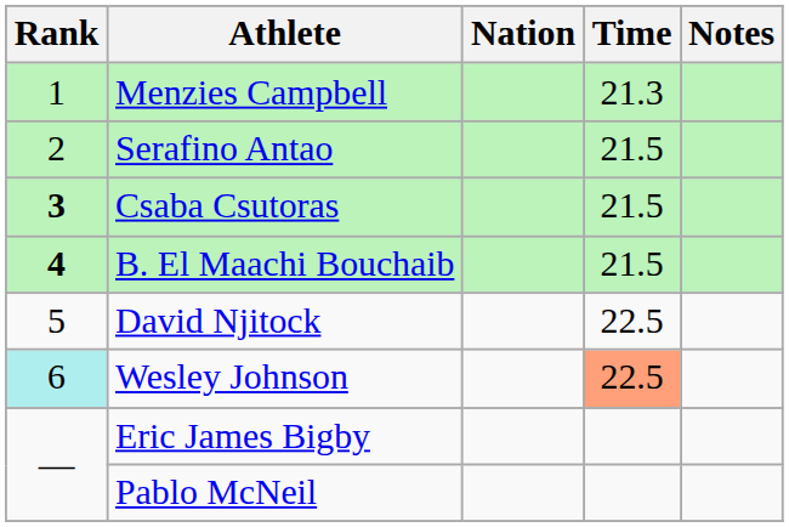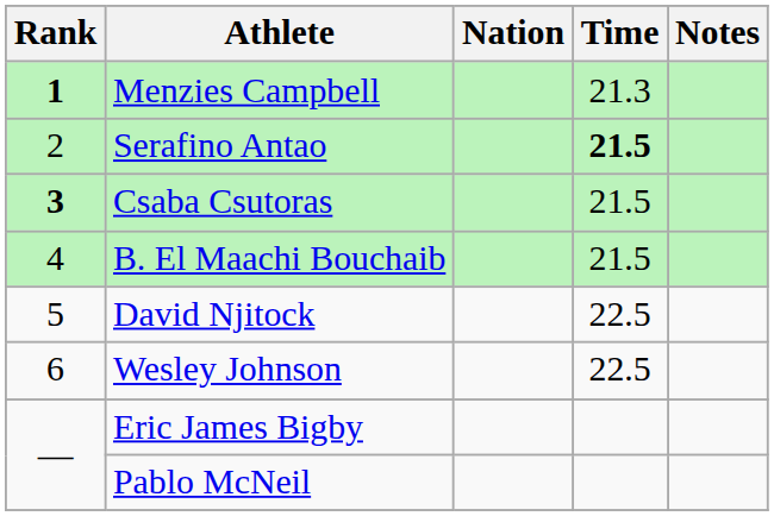 <table class="wikitable sortable" style="text-align:center">
 <tr>
 <th>Rank</th>
 <th>Athlete</th>
 <th>Nation</th>
 <th>Time</th>
 <th>Notes</th>
 </tr>
 <tr bgcolor=bbf3bb>
-<td>1</td>
+<td><strong>1</strong></td>
 <td align=left><a href='#'>Menzies Campbell</a></td>
 <td align=left></td>
 <td>21.3</td>
 <td></td>
 </tr>
 <tr bgcolor=bbf3bb>
 <td>2</td>
 <td align=left><a href='#'>Serafino Antao</a></td>
 <td align=left></td>
-<td>21.5</td>
+<td><strong>21.5</strong></td>
 <td></td>
 </tr>
 <tr bgcolor=bbf3bb>
 <td><strong>3</strong></td>
 <td align=left><a href='#'>Csaba Csutoras</a></td>
 <td align=left></td>
 <td>21.5</td>
 <td></td>
 </tr>
 <tr bgcolor=bbf3bb>
-<td><strong>4</strong></td>
+<td>4</td>
 <td align=left><a href='#'>B. El Maachi Bouchaib</a></td>
 <td align=left></td>
 <td>21.5</td>
 <td></td>
 </tr>
 <tr>
 <td>5</td>
 <td align=left><a href='#'>David Njitock</a></td>
 <td align=left></td>
 <td>22.5</td>
 <td></td>
 </tr>
 <tr>
-<td style="background: paleturquoise;">6</td>
+<td>6</td>
 <td align=left><a href='#'>Wesley Johnson</a></td>
 <td align=left></td>
-<td style="background: lightsalmon;">22.5</td>
+<td>22.5</td>
 <td></td>
 </tr>
 <tr>
 <td rowspan=2 data-sort-value=7>—</td>
 <td align=left><a href='#'>Eric James Bigby</a></td>
 <td align=left></td>
 <td data-sort-value=99.9></td>
 <td></td>
 </tr>
 <tr>
 <td align=left><a href='#'>Pablo McNeil</a></td>
 <td align=left></td>
 <td data-sort-value=99.9></td>
 <td></td>
 </tr>
 </table>
